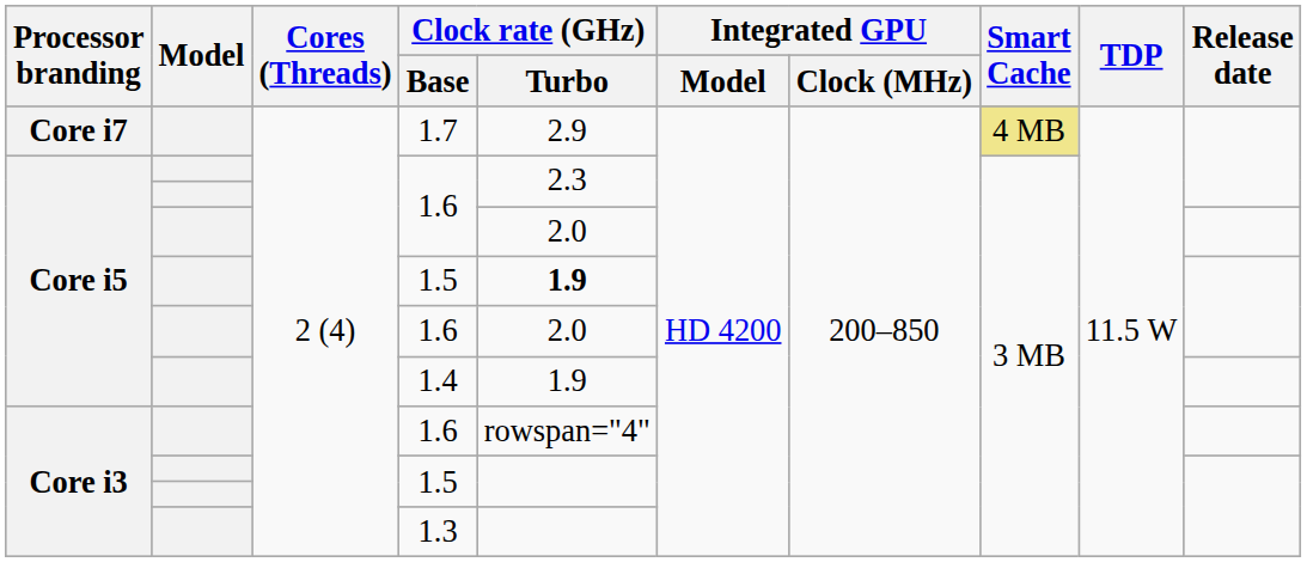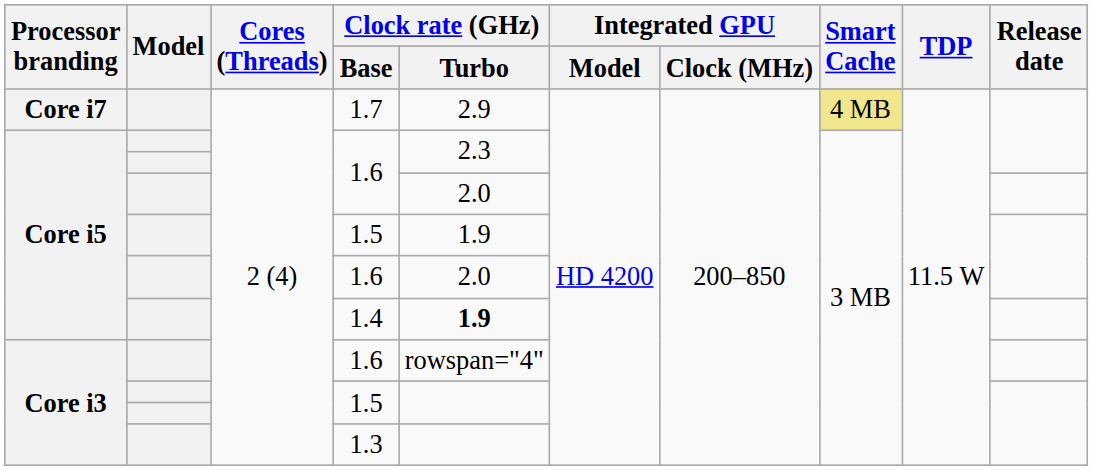 <table class="wikitable sortable nowrap" style="text-align: center;">
 <tr>
 <th class="unsortable" rowspan="2">Processor<br>branding</th>
 <th rowspan="2">Model</th>
 <th class="unsortable" rowspan="2"><a href='#'>Cores</a><br>(<a href='#'>Threads</a>)</th>
 <th colspan="2"><a href='#'>Clock rate</a> (GHz)</th>
 <th colspan="2">Integrated <a href='#'>GPU</a></th>
 <th class="unsortable" rowspan="2"><a href='#'>Smart<br>Cache</a></th>
 <th rowspan="2"><a href='#'>TDP</a></th>
 <th rowspan="2">Release<br>date</th>
 </tr>
 <tr>
 <th class="unsortable">Base</th>
 <th class="unsortable">Turbo</th>
 <th class="unsortable">Model</th>
 <th class="unsortable">Clock (MHz)</th>
 </tr>
 <tr>
 <th rowspan=1>Core i7</th>
 <th style="text-align:left;" data-sort-value="sku11"></th>
 <td rowspan="11">2 (4)</td>
 <td>1.7</td>
 <td>2.9</td>
 <td rowspan="11"><a href='#'>HD 4200</a></td>
 <td rowspan="11">200–850</td>
 <td style="background: khaki;">4 MB</td>
 <td rowspan="11">11.5 W</td>
 <td rowspan="3"></td>
 </tr>
 <tr>
 <th rowspan="6">Core i5</th>
 <th style="text-align:left;" data-sort-value="sku10"></th>
 <td rowspan="3">1.6</td>
 <td rowspan="2">2.3</td>
 <td rowspan="10">3 MB</td>
 </tr>
 <tr>
 <th style="text-align:left;" data-sort-value="sku9"></th>
 </tr>
 <tr>
 <th style="text-align:left;" data-sort-value="sku8"></th>
 <td>2.0</td>
 <td></td>
 </tr>
 <tr>
 <th style="text-align:left;" data-sort-value="sku7"></th>
 <td>1.5</td>
-<td><strong>1.9</strong></td>
+<td>1.9</td>
 <td rowspan="2"></td>
 </tr>
 <tr>
 <th style="text-align:left;" data-sort-value="sku6"></th>
 <td>1.6</td>
 <td>2.0</td>
 </tr>
 <tr>
 <th style="text-align:left;" data-sort-value="sku5"></th>
 <td>1.4</td>
-<td>1.9</td>
+<td><strong>1.9</strong></td>
 <td></td>
 </tr>
 <tr>
 <th rowspan="4">Core i3</th>
 <th style="text-align:left;" data-sort-value="sku4"></th>
 <td>1.6</td>
 <td>rowspan="4" </td>
 <td></td>
 </tr>
 <tr>
 <th style="text-align:left;" data-sort-value="sku3"></th>
 <td rowspan="2">1.5</td>
 <td rowspan="2"></td>
 </tr>
 <tr>
 <th style="text-align:left;" data-sort-value="sku2"></th>
 </tr>
 <tr>
 <th style="text-align:left;" data-sort-value="sku1"></th>
 <td>1.3</td>
 <td></td>
 </tr>
 </table>
